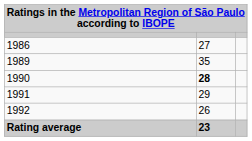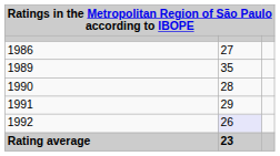 <table class="wikitable" style="margin:auto">
 <tr>
 <th colspan="3" ! style="background:#ccc;"><strong>Ratings in the <a href='#'>Metropolitan Region of São Paulo</a><br>according to <a href='#'>IBOPE</a></strong></th>
 </tr>
 <tr>
 <td style="background:#ccc;"></td>
 <td style="background:#ccc;"></td>
 <td style="background:#ccc;"></td>
 </tr>
 <tr>
 <td>1986</td>
 <td>27</td>
 <td></td>
 </tr>
 <tr>
 <td>1989</td>
 <td>35</td>
 <td></td>
 </tr>
 <tr>
 <td>1990</td>
-<td><strong>28</strong></td>
+<td>28</td>
 <td></td>
 </tr>
 <tr>
 <td>1991</td>
 <td>29</td>
 <td></td>
 </tr>
 <tr>
 <td>1992</td>
-<td>26</td>
+<td style="background: lavender;">26</td>
 <td></td>
 </tr>
 <tr style="background:#ccc;">
 <td><strong>Rating average</strong></td>
 <td><strong>23</strong></td>
 <td></td>
 </tr>
 </table>
